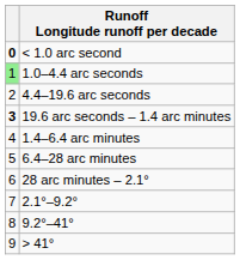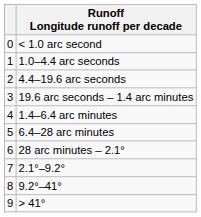 <table class="wikitable alternance centre" style="font-size:0.9em;">
 <tr>
 <th scope="col"></th>
 <th scope="col">Runoff<br>Longitude runoff per decade</th>
 </tr>
 <tr>
-<td><strong>0</strong></td>
+<td>0</td>
 <td>< 1.0 arc second</td>
 </tr>
 <tr>
-<td style="background: lightgreen;">1</td>
+<td>1</td>
 <td>1.0–4.4 arc seconds</td>
 </tr>
 <tr>
 <td>2</td>
 <td>4.4–19.6 arc seconds</td>
 </tr>
 <tr>
-<td><strong>3</strong></td>
+<td>3</td>
 <td>19.6 arc seconds  –  1.4 arc minutes</td>
 </tr>
 <tr>
 <td>4</td>
 <td>1.4–6.4 arc minutes</td>
 </tr>
 <tr>
 <td>5</td>
 <td>6.4–28 arc minutes</td>
 </tr>
 <tr>
 <td>6</td>
 <td>28 arc minutes – 2.1°</td>
 </tr>
 <tr>
 <td>7</td>
 <td>2.1°–9.2°</td>
 </tr>
 <tr>
 <td>8</td>
 <td>9.2°–41°</td>
 </tr>
 <tr>
 <td>9</td>
 <td>> 41°</td>
 </tr>
 </table>
